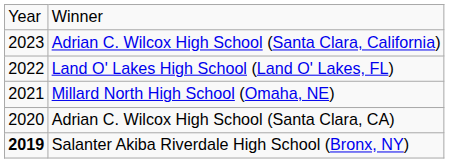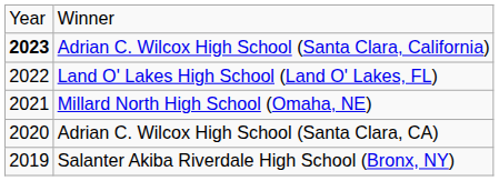 <table class="wikitable">
 <tr>
 <td>Year</td>
 <td>Winner</td>
 </tr>
 <tr>
-<td>2023</td>
+<td><strong>2023</strong></td>
 <td><a href='#'>Adrian C. Wilcox High School</a> (<a href='#'>Santa Clara, California</a>)</td>
 </tr>
 <tr>
 <td>2022</td>
 <td><a href='#'>Land O' Lakes High School</a> (<a href='#'>Land O' Lakes, FL</a>)</td>
 </tr>
 <tr>
 <td>2021</td>
 <td><a href='#'>Millard North High School</a> (<a href='#'>Omaha, NE</a>)</td>
 </tr>
 <tr>
 <td>2020</td>
 <td>Adrian C. Wilcox High School (Santa Clara, CA)</td>
 </tr>
 <tr>
-<td><strong>2019</strong></td>
+<td>2019</td>
 <td>Salanter Akiba Riverdale High School (<a href='#'>Bronx, NY</a>)</td>
 </tr>
 </table>
